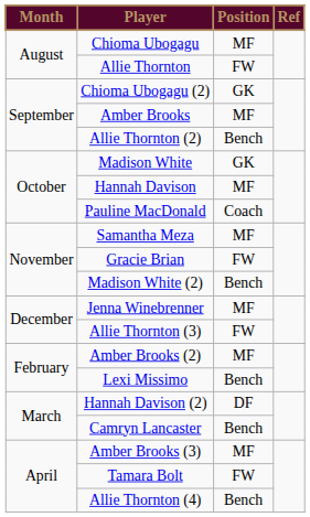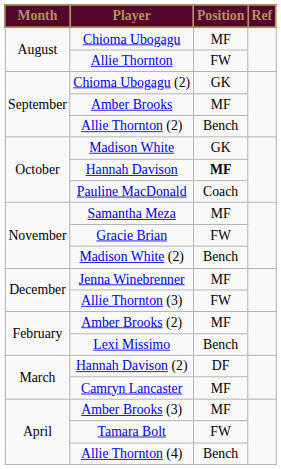 <table class=wikitable style="text-align:center;">
 <tr>
 <th style="background:#54052B; color:#B39262; border:2px solid #B39262">Month</th>
 <th style="background:#54052B; color:#B39262; border:2px solid #B39262">Player</th>
 <th style="background:#54052B; color:#B39262; border:2px solid #B39262">Position</th>
 <th style="background:#54052B; color:#B39262; border:2px solid #B39262">Ref</th>
 </tr>
 <tr>
 <td rowspan=2>August</td>
 <td> <a href='#'>Chioma Ubogagu</a></td>
 <td>MF</td>
 <td rowspan=2></td>
 </tr>
 <tr>
 <td> <a href='#'>Allie Thornton</a></td>
 <td>FW</td>
 </tr>
 <tr>
 <td rowspan=3>September</td>
 <td> <a href='#'>Chioma Ubogagu</a> (2)</td>
 <td>GK</td>
 <td rowspan=3></td>
 </tr>
 <tr>
 <td> <a href='#'>Amber Brooks</a></td>
 <td>MF</td>
 </tr>
 <tr>
 <td> <a href='#'>Allie Thornton</a> (2)</td>
 <td>Bench</td>
 </tr>
 <tr>
 <td rowspan=3>October</td>
 <td> <a href='#'>Madison White</a></td>
 <td>GK</td>
 <td rowspan=3></td>
 </tr>
 <tr>
 <td> <a href='#'>Hannah Davison</a></td>
-<td>MF</td>
+<td><strong>MF</strong></td>
 </tr>
 <tr>
 <td> <a href='#'>Pauline MacDonald</a></td>
 <td>Coach</td>
 </tr>
 <tr>
 <td rowspan=3>November</td>
 <td> <a href='#'>Samantha Meza</a></td>
 <td>MF</td>
 <td rowspan=3></td>
 </tr>
 <tr>
 <td> <a href='#'>Gracie Brian</a></td>
 <td>FW</td>
 </tr>
 <tr>
 <td> <a href='#'>Madison White</a> (2)</td>
 <td>Bench</td>
 </tr>
 <tr>
 <td rowspan=2>December</td>
 <td> <a href='#'>Jenna Winebrenner</a></td>
 <td>MF</td>
 <td rowspan=2></td>
 </tr>
 <tr>
 <td> <a href='#'>Allie Thornton</a> (3)</td>
 <td>FW</td>
 </tr>
 <tr>
 <td rowspan=2>February</td>
 <td> <a href='#'>Amber Brooks</a> (2)</td>
 <td>MF</td>
 <td rowspan=2></td>
 </tr>
 <tr>
 <td> <a href='#'>Lexi Missimo</a></td>
 <td>Bench</td>
 </tr>
 <tr>
 <td rowspan="2">March</td>
 <td> <a href='#'>Hannah Davison</a> (2)</td>
 <td>DF</td>
 <td rowspan="2"></td>
 </tr>
 <tr>
 <td> <a href='#'>Camryn Lancaster</a></td>
-<td>Bench</td>
+<td>MF</td>
 </tr>
 <tr>
 <td rowspan="3">April</td>
 <td> <a href='#'>Amber Brooks</a> (3)</td>
 <td>MF</td>
 <td rowspan="3"></td>
 </tr>
 <tr>
 <td> <a href='#'>Tamara Bolt</a></td>
 <td>FW</td>
 </tr>
 <tr>
 <td> <a href='#'>Allie Thornton</a> (4)</td>
 <td>Bench</td>
 </tr>
 </table>
